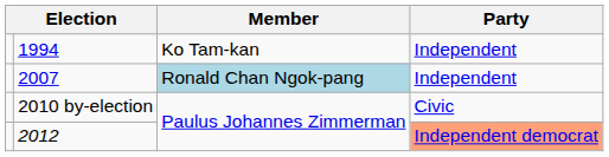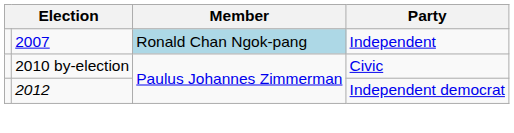 <table class="wikitable">
 <tr>
 <th colspan="2">Election</th>
 <th>Member</th>
 <th>Party</th>
-</tr>
-<tr>
-<td style="background-color: "></td>
-<td><a href='#'>1994</a></td>
-<td>Ko Tam-kan</td>
-<td><a href='#'>Independent</a></td>
 </tr>
 <tr>
 <td style="background-color: "></td>
 <td><a href='#'>2007</a></td>
 <td style="background: lightblue;">Ronald Chan Ngok-pang</td>
 <td><a href='#'>Independent</a></td>
 </tr>
 <tr>
 <td style="background-color: "></td>
 <td>2010 by-election</td>
 <td rowspan=2><a href='#'>Paulus Johannes Zimmerman</a></td>
 <td><a href='#'>Civic</a></td>
 </tr>
 <tr>
 <td style="background-color: "></td>
 <td><em>2012</em></td>
-<td style="background: lightsalmon;"><a href='#'>Independent democrat</a></td>
+<td><a href='#'>Independent democrat</a></td>
 </tr>
 </table>
